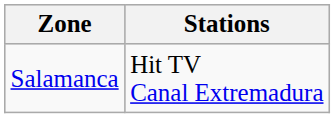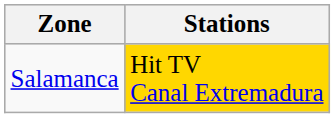 <table class="wikitable">
 <tr>
 <th>Zone</th>
 <th>Stations</th>
 </tr>
 <tr>
 <td><a href='#'>Salamanca</a></td>
-<td>Hit TV<br><a href='#'>Canal Extremadura</a></td>
+<td style="background: gold;">Hit TV<br><a href='#'>Canal Extremadura</a></td>
 </tr>
 </table>
